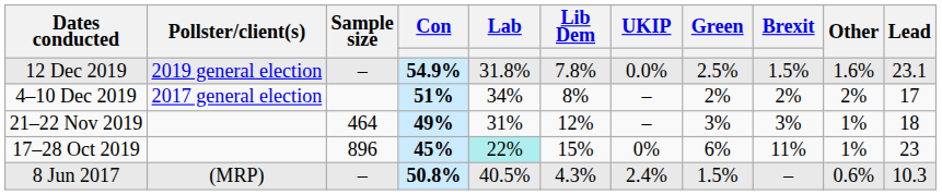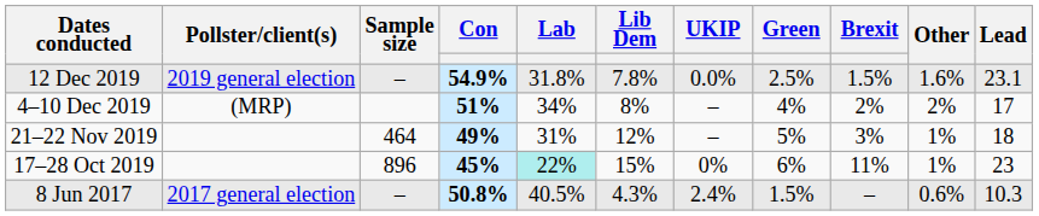 <table class="wikitable sortable mw-datatable" style="text-align:center;line-height:14px;">
 <tr>
 <th rowspan="2">Dates<br>conducted</th>
 <th rowspan="2">Pollster/client(s)</th>
 <th data-sort-type="number" rowspan="2">Sample<br>size</th>
 <th class="unsortable" style="width:50px;"><a href='#'>Con</a></th>
 <th class="unsortable" style="width:50px;"><a href='#'>Lab</a></th>
 <th class="unsortable" style="width:50px;"><a href='#'>Lib Dem</a></th>
 <th class="unsortable" style="width:50px;"><a href='#'>UKIP</a></th>
 <th class="unsortable" style="width:50px;"><a href='#'>Green</a></th>
 <th class="unsortable" style="width:50px;"><a href='#'>Brexit</a></th>
 <th class="unsortable" rowspan="2">Other</th>
 <th data-sort-type="number" rowspan="2">Lead</th>
 </tr>
 <tr>
 <th data-sort-type="number" style="background:"></th>
 <th data-sort-type="number" style="background:"></th>
 <th data-sort-type="number" style="background:"></th>
 <th data-sort-type="number" style="background:"></th>
 <th data-sort-type="number" style="background:"></th>
 <th data-sort-type="number" style="background:"></th>
 </tr>
 <tr style="background:#E9E9E9;">
 <td data-sort-value="2017-06-08">12 Dec 2019</td>
 <td><a href='#'>2019 general election</a></td>
 <td>–</td>
 <td style="background:#CCEBFF;"><strong>54.9%</strong></td>
 <td>31.8%</td>
 <td>7.8%</td>
 <td>0.0%</td>
 <td>2.5%</td>
 <td>1.5%</td>
 <td>1.6%</td>
 <td style="background:">23.1</td>
 </tr>
 <tr>
 <td data-sort-value="2019-12-10">4–10 Dec 2019</td>
-<td><a href='#'>2017 general election</a></td>
+<td> (MRP)</td>
 <td></td>
 <td style="background:#CCEBFF;"><strong>51%</strong></td>
 <td>34%</td>
 <td>8%</td>
 <td>–</td>
-<td>2%</td>
+<td>4%</td>
 <td>2%</td>
 <td>2%</td>
 <td style="background:">17</td>
 </tr>
 <tr>
 <td data-sort-value="2019-11-28">21–22 Nov 2019</td>
 <td></td>
 <td>464</td>
 <td style="background:#CCEBFF;"><strong>49%</strong></td>
 <td>31%</td>
 <td>12%</td>
 <td>–</td>
-<td>3%</td>
+<td>5%</td>
 <td>3%</td>
 <td>1%</td>
 <td style="background:">18</td>
 </tr>
 <tr>
 <td data-sort-value="2019-10-28">17–28 Oct 2019</td>
 <td></td>
 <td>896</td>
 <td style="background:#CCEBFF;"><strong>45%</strong></td>
 <td style="background: paleturquoise;">22%</td>
 <td>15%</td>
 <td>0%</td>
 <td>6%</td>
 <td>11%</td>
 <td>1%</td>
 <td style="background:">23</td>
 </tr>
 <tr style="background:#E9E9E9;">
 <td data-sort-value="2017-06-08">8 Jun 2017</td>
-<td> (MRP)</td>
+<td><a href='#'>2017 general election</a></td>
 <td>–</td>
 <td style="background:#CCEBFF;"><strong>50.8%</strong></td>
 <td>40.5%</td>
 <td>4.3%</td>
 <td>2.4%</td>
 <td>1.5%</td>
 <td>–</td>
 <td>0.6%</td>
 <td style="background:">10.3</td>
 </tr>
 </table>
